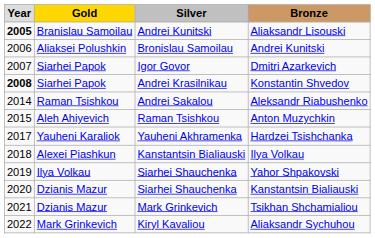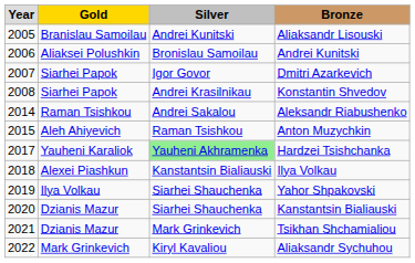 <table class="wikitable sortable" style="font-size:95%">
 <tr style="text-align:center; background:#e4e4e4; font-weight:bold;">
 <td style="background:#ddd; ">Year</td>
 <td style="background:gold; ">Gold</td>
 <td style="background:silver; ">Silver</td>
 <td style="background:#c96; ">Bronze</td>
 </tr>
 <tr>
-<td><strong>2005</strong></td>
+<td>2005</td>
 <td><a href='#'>Branislau Samoilau</a></td>
 <td><a href='#'>Andrei Kunitski</a></td>
 <td><a href='#'>Aliaksandr Lisouski</a></td>
 </tr>
 <tr>
 <td>2006</td>
 <td><a href='#'>Aliaksei Polushkin</a></td>
 <td><a href='#'>Bronislau Samoilau </a></td>
 <td><a href='#'>Andrei Kunitski</a></td>
 </tr>
 <tr>
 <td>2007</td>
 <td><a href='#'>Siarhei Papok</a></td>
 <td><a href='#'>Igor Govor</a></td>
 <td><a href='#'>Dmitri Azarkevich</a></td>
 </tr>
 <tr>
-<td><strong>2008</strong></td>
+<td>2008</td>
 <td><a href='#'>Siarhei Papok</a></td>
 <td><a href='#'>Andrei Krasilnikau</a></td>
 <td><a href='#'>Konstantin Shvedov</a></td>
 </tr>
 <tr>
 <td>2014</td>
 <td><a href='#'>Raman Tsishkou</a></td>
 <td><a href='#'>Andrei Sakalou</a></td>
 <td><a href='#'>Aleksandr Riabushenko</a></td>
 </tr>
 <tr>
 <td>2015</td>
 <td><a href='#'>Aleh Ahiyevich</a></td>
 <td><a href='#'>Raman Tsishkou</a></td>
 <td><a href='#'>Anton Muzychkin</a></td>
 </tr>
 <tr>
 <td>2017</td>
 <td><a href='#'>Yauheni Karaliok</a></td>
-<td><a href='#'>Yauheni Akhramenka</a></td>
+<td style="background: lightgreen;"><a href='#'>Yauheni Akhramenka</a></td>
 <td><a href='#'>Hardzei Tsishchanka</a></td>
 </tr>
 <tr>
 <td>2018</td>
 <td><a href='#'>Alexei Piashkun</a></td>
 <td><a href='#'>Kanstantsin Bialiauski</a></td>
 <td><a href='#'>Ilya Volkau</a></td>
 </tr>
 <tr>
 <td>2019</td>
 <td><a href='#'>Ilya Volkau</a></td>
 <td><a href='#'>Siarhei Shauchenka</a></td>
 <td><a href='#'>Yahor Shpakovski</a></td>
 </tr>
 <tr>
 <td>2020</td>
 <td><a href='#'>Dzianis Mazur</a></td>
 <td><a href='#'>Siarhei Shauchenka</a></td>
 <td><a href='#'>Kanstantsin Bialiauski</a></td>
 </tr>
 <tr>
 <td>2021</td>
 <td><a href='#'>Dzianis Mazur</a></td>
 <td><a href='#'>Mark Grinkevich</a></td>
 <td><a href='#'>Tsikhan Shchamialiou</a></td>
 </tr>
 <tr>
 <td>2022</td>
 <td><a href='#'>Mark Grinkevich</a></td>
 <td><a href='#'>Kiryl Kavaliou</a></td>
 <td><a href='#'>Aliaksandr Sychuhou</a></td>
 </tr>
 </table>
